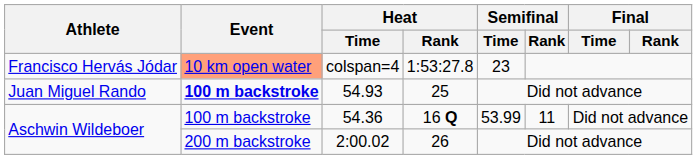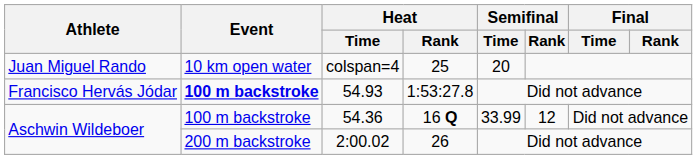 <table class=wikitable style="font-size:90%">
 <tr>
 <th rowspan="2">Athlete</th>
 <th rowspan="2">Event</th>
 <th colspan="2">Heat</th>
 <th colspan="2">Semifinal</th>
 <th colspan="2">Final</th>
 </tr>
 <tr style="font-size:95%">
 <th>Time</th>
 <th>Rank</th>
 <th>Time</th>
 <th>Rank</th>
 <th>Time</th>
 <th>Rank</th>
 </tr>
 <tr align=center>
-<td align=left><a href='#'>Francisco Hervás Jódar</a></td>
-<td align=left style="background: lightsalmon;"><a href='#'>10 km open water</a></td>
+<td align=left><a href='#'>Juan Miguel Rando</a></td>
+<td align=left><a href='#'>10 km open water</a></td>
 <td>colspan=4 </td>
-<td>1:53:27.8</td>
-<td>23</td>
+<td>25</td>
+<td>20</td>
 </tr>
 <tr align=center>
-<td align=left><a href='#'>Juan Miguel Rando</a></td>
+<td align=left><a href='#'>Francisco Hervás Jódar</a></td>
 <td align=left><strong><a href='#'>100 m backstroke</a></strong></td>
 <td>54.93</td>
-<td>25</td>
+<td>1:53:27.8</td>
 <td colspan=4>Did not advance</td>
 </tr>
 <tr align=center>
 <td align=left rowspan=2><a href='#'>Aschwin Wildeboer</a></td>
 <td align=left><a href='#'>100 m backstroke</a></td>
 <td>54.36</td>
 <td>16 <strong>Q</strong></td>
-<td>53.99</td>
-<td>11</td>
+<td>33.99</td>
+<td>12</td>
 <td colspan=2>Did not advance</td>
 </tr>
 <tr align=center>
 <td align=left><a href='#'>200 m backstroke</a></td>
 <td>2:00.02</td>
 <td>26</td>
 <td colspan=4>Did not advance</td>
 </tr>
 </table>
